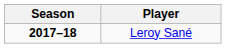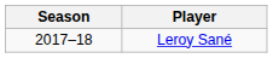 <table class="wikitable">
 <tr>
 <th style="width:120px;">Season</th>
 <th style="width:150px;">Player</th>
 </tr>
 <tr>
-<td style="text-align:center;"><strong>2017–18</strong></td>
+<td style="text-align:center;">2017–18</td>
 <td style="text-align:center;"> <a href='#'>Leroy Sané</a></td>
 </tr>
 </table>
